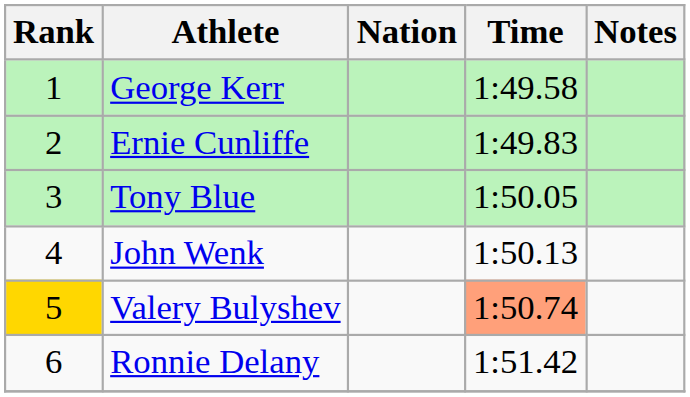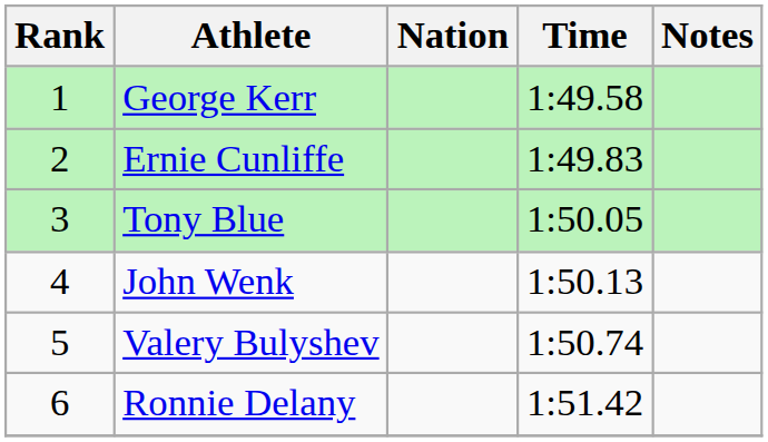 <table class="wikitable sortable" style="text-align:center">
 <tr>
 <th>Rank</th>
 <th>Athlete</th>
 <th>Nation</th>
 <th>Time</th>
 <th>Notes</th>
 </tr>
 <tr bgcolor=bbf3bb>
 <td>1</td>
 <td align=left><a href='#'>George Kerr</a></td>
 <td align=left></td>
 <td>1:49.58</td>
 <td></td>
 </tr>
 <tr bgcolor=bbf3bb>
 <td>2</td>
 <td align=left><a href='#'>Ernie Cunliffe</a></td>
 <td align=left></td>
 <td>1:49.83</td>
 <td></td>
 </tr>
 <tr bgcolor=bbf3bb>
 <td>3</td>
 <td align=left><a href='#'>Tony Blue</a></td>
 <td align=left></td>
 <td>1:50.05</td>
 <td></td>
 </tr>
 <tr>
 <td>4</td>
 <td align=left><a href='#'>John Wenk</a></td>
 <td align=left></td>
 <td>1:50.13</td>
 <td></td>
 </tr>
 <tr>
-<td style="background: gold;">5</td>
+<td>5</td>
 <td align=left><a href='#'>Valery Bulyshev</a></td>
 <td align=left></td>
-<td style="background: lightsalmon;">1:50.74</td>
+<td>1:50.74</td>
 <td></td>
 </tr>
 <tr>
 <td>6</td>
 <td align=left><a href='#'>Ronnie Delany</a></td>
 <td align=left></td>
 <td>1:51.42</td>
 <td></td>
 </tr>
 <tr>
 </tr>
 </table>
